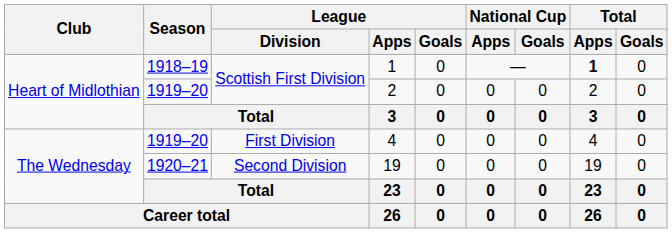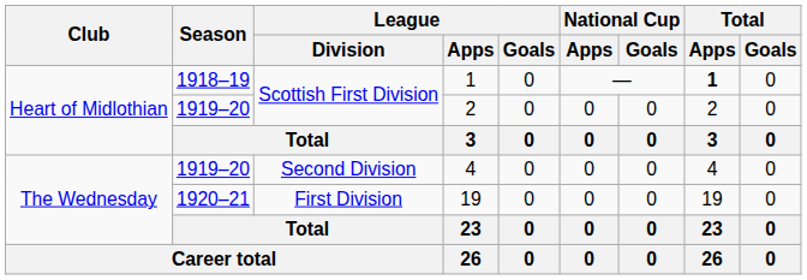 <table class="wikitable" style="text-align:center">
 <tr>
 <th rowspan="2">Club</th>
 <th rowspan="2">Season</th>
 <th colspan="3">League</th>
 <th colspan="2">National Cup</th>
 <th colspan="2">Total</th>
 </tr>
 <tr>
 <th>Division</th>
 <th>Apps</th>
 <th>Goals</th>
 <th>Apps</th>
 <th>Goals</th>
 <th>Apps</th>
 <th>Goals</th>
 </tr>
 <tr>
 <td rowspan="3"><a href='#'>Heart of Midlothian</a></td>
 <td><a href='#'>1918–19</a></td>
 <td rowspan="2"><a href='#'>Scottish First Division</a></td>
 <td>1</td>
 <td>0</td>
 <td colspan="2">―</td>
 <td><strong>1</strong></td>
 <td>0</td>
 </tr>
 <tr>
 <td><a href='#'>1919–20</a></td>
 <td>2</td>
 <td>0</td>
 <td>0</td>
 <td>0</td>
 <td>2</td>
 <td>0</td>
 </tr>
 <tr>
 <th colspan="2">Total</th>
 <th>3</th>
 <th>0</th>
 <th>0</th>
 <th>0</th>
 <th>3</th>
 <th>0</th>
 </tr>
 <tr>
 <td rowspan="3"><a href='#'>The Wednesday</a></td>
 <td><a href='#'>1919–20</a></td>
-<td><a href='#'>First Division</a></td>
+<td><a href='#'>Second Division</a></td>
 <td>4</td>
 <td>0</td>
 <td>0</td>
 <td>0</td>
 <td>4</td>
 <td>0</td>
 </tr>
 <tr>
 <td><a href='#'>1920–21</a></td>
-<td><a href='#'>Second Division</a></td>
+<td><a href='#'>First Division</a></td>
 <td>19</td>
 <td>0</td>
 <td>0</td>
 <td>0</td>
 <td>19</td>
 <td>0</td>
 </tr>
 <tr>
 <th colspan="2">Total</th>
 <th>23</th>
 <th>0</th>
 <th>0</th>
 <th>0</th>
 <th>23</th>
 <th>0</th>
 </tr>
 <tr>
 <th colspan="3">Career total</th>
 <th>26</th>
 <th>0</th>
 <th>0</th>
 <th>0</th>
 <th>26</th>
 <th>0</th>
 </tr>
 </table>
